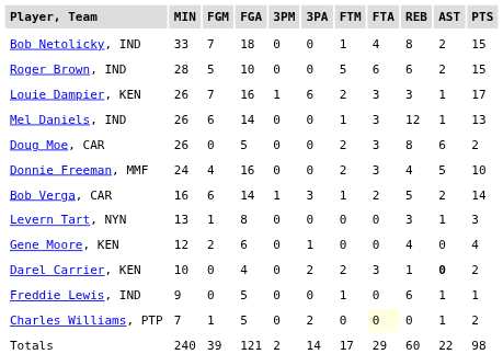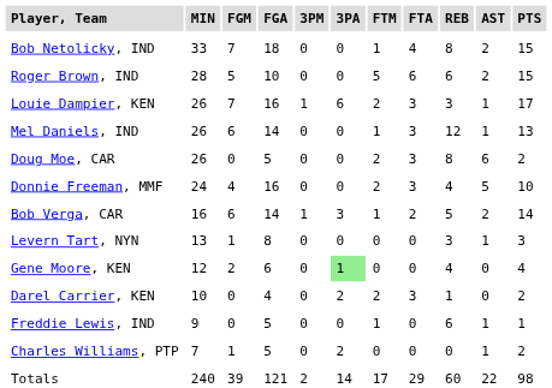 <table cellpadding=5>
 <tr bgcolor="#dddddd">
 <td><strong>Player, Team</strong></td>
 <td><strong>MIN</strong></td>
 <td><strong>FGM</strong></td>
 <td><strong>FGA</strong></td>
 <td><strong>3PM</strong></td>
 <td><strong>3PA</strong></td>
 <td><strong>FTM</strong></td>
 <td><strong>FTA</strong></td>
 <td><strong>REB</strong></td>
 <td><strong>AST</strong></td>
 <td><strong>PTS</strong></td>
 </tr>
 <tr bgcolor="#eeeeee">
 </tr>
 <tr>
 <td><a href='#'>Bob Netolicky</a>, IND</td>
 <td>33</td>
 <td>7</td>
 <td>18</td>
 <td>0</td>
 <td>0</td>
 <td>1</td>
 <td>4</td>
 <td>8</td>
 <td>2</td>
 <td>15</td>
 </tr>
 <tr>
 <td><a href='#'>Roger Brown</a>, IND</td>
 <td>28</td>
 <td>5</td>
 <td>10</td>
 <td>0</td>
 <td>0</td>
 <td>5</td>
 <td>6</td>
 <td>6</td>
 <td>2</td>
 <td>15</td>
 </tr>
 <tr>
 <td><a href='#'>Louie Dampier</a>, KEN</td>
 <td>26</td>
 <td>7</td>
 <td>16</td>
 <td>1</td>
 <td>6</td>
 <td>2</td>
 <td>3</td>
 <td>3</td>
 <td>1</td>
 <td>17</td>
 </tr>
 <tr>
 <td><a href='#'>Mel Daniels</a>, IND</td>
 <td>26</td>
 <td>6</td>
 <td>14</td>
 <td>0</td>
 <td>0</td>
 <td>1</td>
 <td>3</td>
 <td>12</td>
 <td>1</td>
 <td>13</td>
 </tr>
 <tr>
 <td><a href='#'>Doug Moe</a>, CAR</td>
 <td>26</td>
 <td>0</td>
 <td>5</td>
 <td>0</td>
 <td>0</td>
 <td>2</td>
 <td>3</td>
 <td>8</td>
 <td>6</td>
 <td>2</td>
 </tr>
 <tr>
 <td><a href='#'>Donnie Freeman</a>, MMF</td>
 <td>24</td>
 <td>4</td>
 <td>16</td>
 <td>0</td>
 <td>0</td>
 <td>2</td>
 <td>3</td>
 <td>4</td>
 <td>5</td>
 <td>10</td>
 </tr>
 <tr>
 <td><a href='#'>Bob Verga</a>, CAR</td>
 <td>16</td>
 <td>6</td>
 <td>14</td>
 <td>1</td>
 <td>3</td>
 <td>1</td>
 <td>2</td>
 <td>5</td>
 <td>2</td>
 <td>14</td>
 </tr>
 <tr>
 <td><a href='#'>Levern Tart</a>, NYN</td>
 <td>13</td>
 <td>1</td>
 <td>8</td>
 <td>0</td>
 <td>0</td>
 <td>0</td>
 <td>0</td>
 <td>3</td>
 <td>1</td>
 <td>3</td>
 </tr>
 <tr>
 <td><a href='#'>Gene Moore</a>, KEN</td>
 <td>12</td>
 <td>2</td>
 <td>6</td>
 <td>0</td>
-<td>1</td>
+<td style="background: lightgreen;">1</td>
 <td>0</td>
 <td>0</td>
 <td>4</td>
 <td>0</td>
 <td>4</td>
 </tr>
 <tr>
 <td><a href='#'>Darel Carrier</a>, KEN</td>
 <td>10</td>
 <td>0</td>
 <td>4</td>
 <td>0</td>
 <td>2</td>
 <td>2</td>
 <td>3</td>
 <td>1</td>
-<td><strong>0</strong></td>
+<td>0</td>
 <td>2</td>
 </tr>
 <tr>
 <td><a href='#'>Freddie Lewis</a>, IND</td>
 <td>9</td>
 <td>0</td>
 <td>5</td>
 <td>0</td>
 <td>0</td>
 <td>1</td>
 <td>0</td>
 <td>6</td>
 <td>1</td>
 <td>1</td>
 </tr>
 <tr>
 <td><a href='#'>Charles Williams</a>, PTP</td>
 <td>7</td>
 <td>1</td>
 <td>5</td>
 <td>0</td>
 <td>2</td>
 <td>0</td>
-<td style="background: lightyellow;">0</td>
+<td>0</td>
 <td>0</td>
 <td>1</td>
 <td>2</td>
 </tr>
 <tr>
 <td>Totals</td>
 <td>240</td>
 <td>39</td>
 <td>121</td>
 <td>2</td>
 <td>14</td>
 <td>17</td>
 <td>29</td>
 <td>60</td>
 <td>22</td>
 <td>98</td>
 </tr>
 <tr>
 </tr>
 </table>
